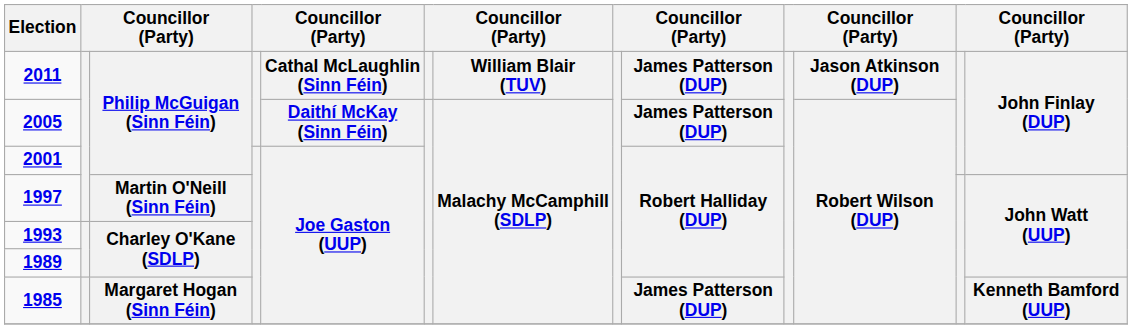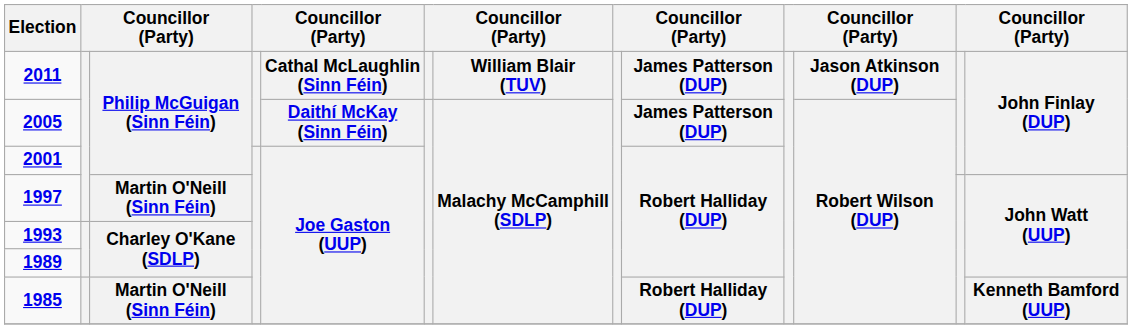 <table class="wikitable" style="text-align:center">
 <tr>
 <th scope="col" width="50">Election</th>
 <th scope="col" width="150" colspan = "2">Councillor<br> (Party)</th>
 <th scope="col" width="150" colspan = "2">Councillor<br> (Party)</th>
 <th scope="col" width="150" colspan = "2">Councillor<br> (Party)</th>
 <th scope="col" width="150" colspan = "2">Councillor<br> (Party)</th>
 <th scope="col" width="150" colspan = "2">Councillor<br> (Party)</th>
 <th scope="col" width="150" colspan = "2">Councillor<br> (Party)</th>
 </tr>
 <tr>
 <td><strong><a href='#'>2011</a></strong></td>
 <th rowspan="4" width="1" style="background-color: "></th>
 <th rowspan = "3"><a href='#'>Philip McGuigan</a> <br> (<a href='#'>Sinn Féin</a>)</th>
 <th rowspan="2" width="1" style="background-color: "></th>
 <th rowspan = "1">Cathal McLaughlin <br> (<a href='#'>Sinn Féin</a>)</th>
 <th rowspan="1" width="1" style="background-color: "></th>
 <th rowspan = "1">William Blair <br> (<a href='#'>TUV</a>)</th>
 <th rowspan="7" width="1" style="background-color: "></th>
 <th rowspan = "1">James Patterson <br> (<a href='#'>DUP</a>)</th>
 <th rowspan="7" width="1" style="background-color: "></th>
 <th rowspan = "1">Jason Atkinson <br> (<a href='#'>DUP</a>)</th>
 <th rowspan="3" width="1" style="background-color: "></th>
 <th rowspan = "3">John Finlay <br> (<a href='#'>DUP</a>)</th>
 </tr>
 <tr>
 <td><strong><a href='#'>2005</a></strong></td>
 <th rowspan = "1"><a href='#'>Daithí McKay</a> <br> (<a href='#'>Sinn Féin</a>)</th>
 <th rowspan="6" width="1" style="background-color: "></th>
 <th rowspan = "6">Malachy McCamphill <br> (<a href='#'>SDLP</a>)</th>
 <th rowspan = "1">James Patterson <br> (<a href='#'>DUP</a>)</th>
 <th rowspan = "6">Robert Wilson <br> (<a href='#'>DUP</a>)</th>
 </tr>
 <tr>
 <td><strong><a href='#'>2001</a></strong></td>
 <th rowspan="5" width="1" style="background-color: "></th>
 <th rowspan = "5"><a href='#'>Joe Gaston</a> <br> (<a href='#'>UUP</a>)</th>
 <th rowspan = "4">Robert Halliday <br> (<a href='#'>DUP</a>)</th>
 </tr>
 <tr>
 <td><strong><a href='#'>1997</a></strong></td>
 <th rowspan = "1">Martin O'Neill <br> (<a href='#'>Sinn Féin</a>)</th>
 <th rowspan="4" width="1" style="background-color: "></th>
 <th rowspan = "3">John Watt <br> (<a href='#'>UUP</a>)</th>
 </tr>
 <tr>
 <td><strong><a href='#'>1993</a></strong></td>
 <th rowspan="2" width="1" style="background-color: "></th>
 <th rowspan = "2">Charley O'Kane <br> (<a href='#'>SDLP</a>)</th>
 </tr>
 <tr>
 <td><strong><a href='#'>1989</a></strong></td>
 </tr>
 <tr>
 <td><strong><a href='#'>1985</a></strong></td>
 <th rowspan="1" width="1" style="background-color: "></th>
-<th rowspan = "1">Margaret Hogan <br> (<a href='#'>Sinn Féin</a>)</th>
-<th rowspan = "1">James Patterson <br> (<a href='#'>DUP</a>)</th>
+<th rowspan = "1">Martin O'Neill <br> (<a href='#'>Sinn Féin</a>)</th>
+<th rowspan = "1">Robert Halliday <br> (<a href='#'>DUP</a>)</th>
 <th rowspan = "1">Kenneth Bamford <br> (<a href='#'>UUP</a>)</th>
 </tr>
 <tr>
 </tr>
 </table>
